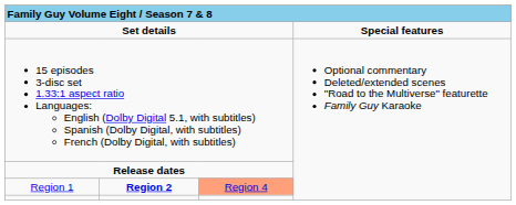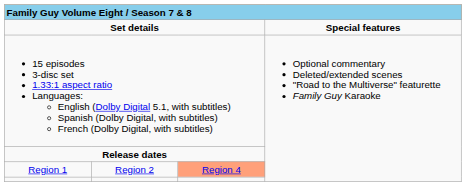 <table class="wikitable" style="font-size: 95%;">
 <tr style="background:#f93;">
 <td colspan="5" style="background:skyBlue;"><strong>Family Guy Volume Eight / Season 7 & 8</strong></td>
 </tr>
 <tr valign="top">
 <td style="text-align:center; width:400px;" colspan="3"><strong>Set details</strong></td>
 <td style="width:300px; text-align:center;"><strong>Special features</strong></td>
 </tr>
 <tr valign="top">
 <td colspan="3"  style="text-align:left; width:400px;"><br><ul><li>15 episodes</li><li>3-disc set</li><li><a href='#'>1.33:1 aspect ratio</a></li><li>Languages:<ul><li>English (<a href='#'>Dolby Digital</a> 5.1, with subtitles)</li><li>Spanish (Dolby Digital, with subtitles)</li><li>French (Dolby Digital, with subtitles)</li></ul></li></ul></td>
 <td rowspan="4"  style="text-align:left; width:300px;"><br><ul><li>Optional commentary</li><li>Deleted/extended scenes</li><li>"Road to the Multiverse" featurette</li><li><em>Family Guy</em> Karaoke</li></ul></td>
 </tr>
 <tr>
 <td colspan="3" style="text-align:center;"><strong>Release dates</strong></td>
 </tr>
 <tr>
 <td style="text-align:center;"><a href='#'>Region 1</a></td>
-<td style="text-align:center;"><strong><a href='#'>Region 2</a></strong></td>
+<td style="text-align:center;"><a href='#'>Region 2</a></td>
 <td style="background: lightsalmon; text-align:center;"><a href='#'>Region 4</a></td>
 </tr>
 <tr>
 <td style="text-align:center;"></td>
 <td style="text-align:center;"></td>
 <td style="text-align:center;"></td>
 </tr>
 </table>
